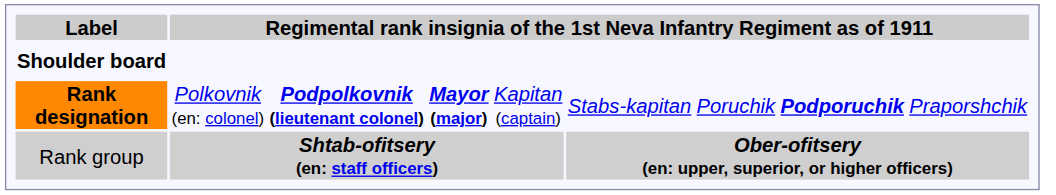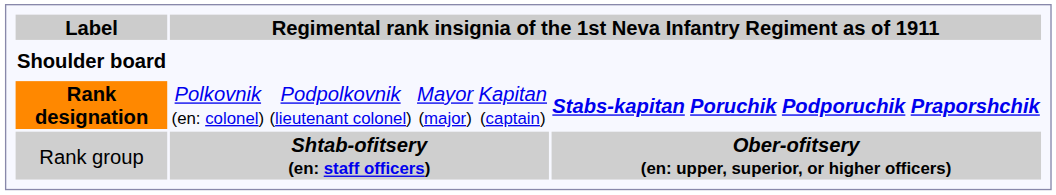 <table style="border:1px solid #8888aa; background-color:#f7f8ff; padding:5px; font-size:95%; margin: 12px 12px 12px 12px;">
 <tr bgcolor="#CCCCCC">
 <th>Label</th>
 <th colspan=9>Regimental rank insignia of the 1st Neva Infantry Regiment as of 1911</th>
 </tr>
 <tr align="center">
 <th></th>
 <th rowspan=3></th>
 <th rowspan=3></th>
 <th rowspan=3></th>
 <td rowspan=3></td>
 <td rowspan=3></td>
 <td rowspan=3></td>
 <td rowspan=3></td>
 <td rowspan=3></td>
 </tr>
 <tr align="center">
 <th rowspan=1>Shoulder board</th>
 </tr>
 <tr align="center">
 <th></th>
 </tr>
 <tr align="center">
 <th style="background:#ff8800; color:black;">Rank<br>designation</th>
 <td><em><a href='#'>Polkovnik</a></em> <br><small>(en: <a href='#'>colonel</a>)</small></td>
-<td><strong><em><a href='#'>Podpolkovnik</a></em> <br><small>(<a href='#'>lieutenant colonel</a>)</small></strong></td>
-<td><strong><em><a href='#'>Mayor</a></em><br><small>(<a href='#'>major</a>)</small></strong></td>
+<td><em><a href='#'>Podpolkovnik</a></em> <br><small>(<a href='#'>lieutenant colonel</a>)</small></td>
+<td><em><a href='#'>Mayor</a></em><br><small>(<a href='#'>major</a>)</small></td>
 <td><em><a href='#'>Kapitan</a></em> <br><small>(<a href='#'>captain</a>)</small></td>
-<td><a href='#'><em>Stabs-kapitan</em></a></td>
-<td><em><a href='#'>Poruchik</a></em></td>
+<td><strong><a href='#'><em>Stabs-kapitan</em></a></strong></td>
+<td><strong><em><a href='#'>Poruchik</a></em></strong></td>
 <td><strong><em><a href='#'>Podporuchik</a></em></strong></td>
-<td><em><a href='#'>Praporshchik</a></em></td>
+<td><strong><em><a href='#'>Praporshchik</a></em></strong></td>
 </tr>
 <tr align="center" style="background:#cfcfcf;">
 <td>Rank group</td>
 <th colspan=4><em>Shtab-ofitsery</em> <br> <small>(en: <a href='#'>staff officers</a>)</small></th>
 <th colspan=4><em>Ober-ofitsery</em> <br> <small>(en: upper, superior, or higher officers)</small></th>
 </tr>
 </table>
